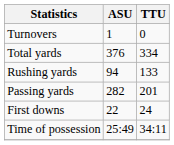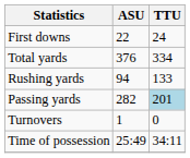 <table class="wikitable" style="float: left;">
 <tr>
 <th>Statistics</th>
 <th>ASU</th>
 <th>TTU</th>
 </tr>
 <tr>
-<td>Turnovers</td>
-<td>1</td>
-<td>0</td>
+<td>First downs</td>
+<td>22</td>
+<td>24</td>
 </tr>
 <tr>
 <td>Total yards</td>
 <td>376</td>
 <td>334</td>
 </tr>
 <tr>
 <td>Rushing yards</td>
 <td>94</td>
 <td>133</td>
 </tr>
 <tr>
 <td>Passing yards</td>
 <td>282</td>
-<td>201</td>
+<td style="background: lightblue;">201</td>
 </tr>
 <tr>
-<td>First downs</td>
-<td>22</td>
-<td>24</td>
+<td>Turnovers</td>
+<td>1</td>
+<td>0</td>
 </tr>
 <tr>
 <td>Time of possession</td>
 <td>25:49</td>
 <td>34:11</td>
 </tr>
 <tr>
 </tr>
 </table>
